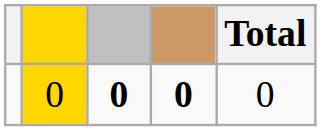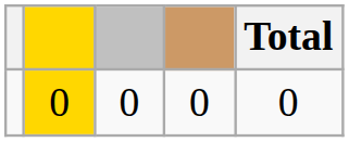 <table class="wikitable">
 <tr>
 <th></th>
 <th style="background-color:gold">        </th>
 <th style="background-color:silver">      </th>
 <th style="background-color:#CC9966">      </th>
 <th>Total</th>
 </tr>
 <tr align="center">
 <td></td>
 <td style="background: gold;">0</td>
-<td><strong>0</strong></td>
-<td><strong>0</strong></td>
+<td>0</td>
+<td>0</td>
 <td>0</td>
 </tr>
 </table>
